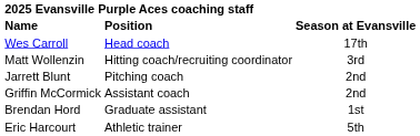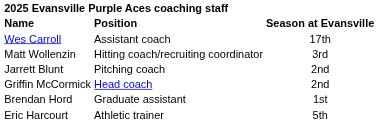 <table class="toccolours" style="text-align: left; font-size:90%;">
 <tr>
 <th colspan="9">2025 Evansville Purple Aces coaching staff</th>
 </tr>
 <tr>
 <th>Name</th>
 <th>Position</th>
 <th>Season at Evansville</th>
 </tr>
 <tr>
 <td><a href='#'>Wes Carroll</a></td>
-<td><a href='#'>Head coach</a></td>
+<td>Assistant coach</td>
 <td align=center>17th</td>
 </tr>
 <tr>
 <td>Matt Wollenzin</td>
 <td>Hitting coach/recruiting coordinator</td>
 <td align=center>3rd</td>
 </tr>
 <tr>
 <td>Jarrett Blunt</td>
 <td>Pitching coach</td>
 <td align=center>2nd</td>
 </tr>
 <tr>
 <td>Griffin McCormick</td>
-<td>Assistant coach</td>
+<td><a href='#'>Head coach</a></td>
 <td align=center>2nd</td>
 </tr>
 <tr>
 <td>Brendan Hord</td>
 <td>Graduate assistant</td>
 <td align=center>1st</td>
 </tr>
 <tr>
 <td>Eric Harcourt</td>
 <td>Athletic trainer</td>
 <td align=center>5th</td>
 </tr>
 </table>
